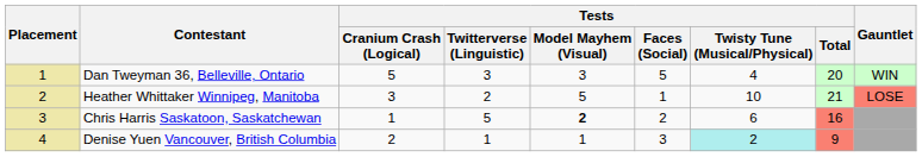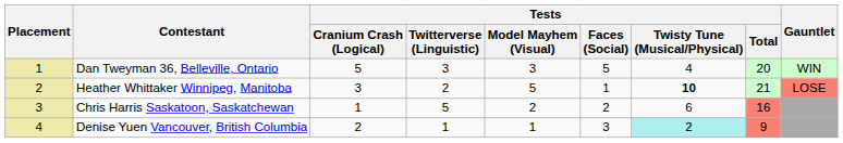 <table class="wikitable" style="text-align:center;">
 <tr>
 <th rowspan="2">Placement</th>
 <th rowspan="2">Contestant</th>
 <th colspan="6">Tests</th>
 <th rowspan="2">Gauntlet</th>
 </tr>
 <tr>
 <th>Cranium Crash<br>(Logical)</th>
 <th>Twitterverse<br>(Linguistic)</th>
 <th>Model Mayhem<br>(Visual)</th>
 <th>Faces<br>(Social)</th>
 <th>Twisty Tune<br>(Musical/Physical)</th>
 <th>Total</th>
 </tr>
 <tr>
 <td bgcolor="palegoldenrod">1</td>
 <td align="left">Dan Tweyman 36, <a href='#'>Belleville, Ontario</a></td>
 <td>5</td>
 <td>3</td>
 <td>3</td>
 <td>5</td>
 <td>4</td>
 <td bgcolor="#cfc">20</td>
 <td bgcolor="#cfc">WIN</td>
 </tr>
 <tr>
 <td bgcolor="palegoldenrod">2</td>
 <td align="left">Heather Whittaker <a href='#'>Winnipeg</a>, <a href='#'>Manitoba</a></td>
 <td>3</td>
 <td>2</td>
 <td>5</td>
 <td>1</td>
-<td>10</td>
+<td><strong>10</strong></td>
 <td bgcolor="#cfc">21</td>
 <td bgcolor="salmon">LOSE</td>
 </tr>
 <tr>
 <td bgcolor="palegoldenrod">3</td>
 <td align="left">Chris Harris <a href='#'>Saskatoon, Saskatchewan</a></td>
 <td>1</td>
 <td>5</td>
-<td><strong>2</strong></td>
+<td>2</td>
 <td>2</td>
 <td>6</td>
 <td bgcolor="salmon">16</td>
 <td bgcolor="darkgrey"></td>
 </tr>
 <tr>
 <td bgcolor="palegoldenrod">4</td>
 <td align="left">Denise Yuen <a href='#'>Vancouver</a>, <a href='#'>British Columbia</a></td>
 <td>2</td>
 <td>1</td>
 <td>1</td>
 <td>3</td>
 <td style="background: paleturquoise;">2</td>
 <td bgcolor="salmon">9</td>
 <td bgcolor="darkgrey"></td>
 </tr>
 </table>
